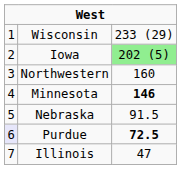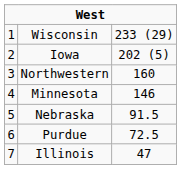 <table class="wikitable" style="display: inline-table;">
 <tr align="center">
 <td align="center" Colspan="3"><strong>West</strong><br></td>
 </tr>
 <tr align="center">
 <td>1</td>
 <td>Wisconsin</td>
 <td>233 (29)</td>
 </tr>
 <tr align="center">
 <td>2</td>
 <td>Iowa</td>
-<td style="background: lightgreen;">202 (5)</td>
+<td>202 (5)</td>
 </tr>
 <tr align="center">
 <td>3</td>
 <td>Northwestern</td>
 <td>160</td>
 </tr>
 <tr align="center">
 <td>4</td>
 <td>Minnesota</td>
-<td><strong>146</strong></td>
+<td>146</td>
 </tr>
 <tr align="center">
 <td>5</td>
 <td>Nebraska</td>
 <td>91.5</td>
 </tr>
 <tr align="center">
-<td style="background: lavender;">6</td>
+<td>6</td>
 <td>Purdue</td>
-<td><strong>72.5</strong></td>
+<td>72.5</td>
 </tr>
 <tr align="center">
 <td>7</td>
 <td>Illinois</td>
 <td>47</td>
 </tr>
 </table>
